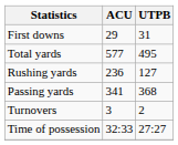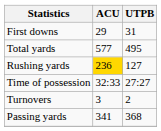 <table class="wikitable" style="float: left;">
 <tr>
 <th>Statistics</th>
 <th>ACU</th>
 <th>UTPB</th>
 </tr>
 <tr>
 <td>First downs</td>
 <td>29</td>
 <td>31</td>
 </tr>
 <tr>
 <td>Total yards</td>
 <td>577</td>
 <td>495</td>
 </tr>
 <tr>
 <td>Rushing yards</td>
-<td>236</td>
+<td style="background: gold;">236</td>
 <td>127</td>
+</tr>
+<tr>
+<td>Time of possession</td>
+<td>32:33</td>
+<td>27:27</td>
+</tr>
+<tr>
+<td>Turnovers</td>
+<td>3</td>
+<td>2</td>
 </tr>
 <tr>
 <td>Passing yards</td>
 <td>341</td>
 <td>368</td>
 </tr>
 <tr>
-<td>Turnovers</td>
-<td>3</td>
-<td>2</td>
-</tr>
-<tr>
-<td>Time of possession</td>
-<td>32:33</td>
-<td>27:27</td>
-</tr>
-<tr>
 </tr>
 </table>
